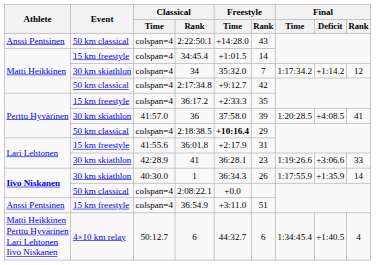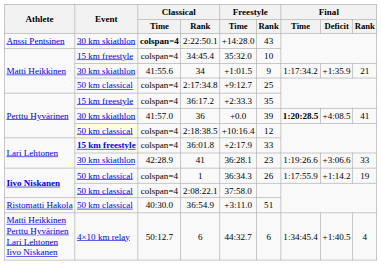 <table class="wikitable" style="font-size:90%">
 <tr>
 <th rowspan=2>Athlete</th>
 <th rowspan=2>Event</th>
 <th colspan=2>Classical</th>
 <th colspan=2>Freestyle</th>
 <th colspan=3>Final</th>
 </tr>
 <tr style="font-size: 95%">
 <th>Time</th>
 <th>Rank</th>
 <th>Time</th>
 <th>Rank</th>
 <th>Time</th>
 <th>Deficit</th>
 <th>Rank</th>
 </tr>
 <tr align=center>
 <td align=left><a href='#'>Anssi Pentsinen</a></td>
-<td align=left><a href='#'>50 km classical</a></td>
-<td>colspan=4 </td>
+<td align=left><a href='#'>30 km skiathlon</a></td>
+<td><strong>colspan=4 </strong></td>
 <td>2:22:50.1</td>
 <td>+14:28.0</td>
 <td>43</td>
 </tr>
 <tr align=center>
 <td align=left rowspan=3><a href='#'>Matti Heikkinen</a></td>
 <td align=left><a href='#'>15 km freestyle</a></td>
 <td>colspan=4 </td>
 <td>34:45.4</td>
-<td>+1:01.5</td>
-<td>14</td>
+<td>35:32.0</td>
+<td>10</td>
 </tr>
 <tr align=center>
 <td align=left><a href='#'>30 km skiathlon</a></td>
-<td>colspan=4 </td>
+<td>41:55.6</td>
 <td>34</td>
-<td>35:32.0</td>
-<td>7</td>
+<td>+1:01.5</td>
+<td>9</td>
 <td>1:17:34.2</td>
-<td>+1:14.2</td>
-<td>12</td>
+<td>+1:35.9</td>
+<td>21</td>
 </tr>
 <tr align=center>
 <td align=left><a href='#'>50 km classical</a></td>
 <td>colspan=4 </td>
 <td>2:17:34.8</td>
 <td>+9:12.7</td>
-<td>42</td>
+<td>25</td>
 </tr>
 <tr align=center>
 <td align=left rowspan=3><a href='#'>Perttu Hyvärinen</a></td>
 <td align=left><a href='#'>15 km freestyle</a></td>
 <td>colspan=4 </td>
 <td>36:17.2</td>
 <td>+2:33.3</td>
 <td>35</td>
 </tr>
 <tr align=center>
 <td align=left><a href='#'>30 km skiathlon</a></td>
 <td>41:57.0</td>
 <td>36</td>
-<td>37:58.0</td>
+<td>+0.0</td>
 <td>39</td>
-<td>1:20:28.5</td>
+<td><strong>1:20:28.5</strong></td>
 <td>+4:08.5</td>
 <td>41</td>
 </tr>
 <tr align=center>
-<td align=left><a href='#'>50 km classical</a></td>
+<td align=left style="background: lightyellow;"><a href='#'>50 km classical</a></td>
 <td>colspan=4 </td>
 <td>2:18:38.5</td>
-<td><strong>+10:16.4</strong></td>
-<td>29</td>
+<td>+10:16.4</td>
+<td>12</td>
 </tr>
 <tr align=center>
 <td align=left rowspan=2><a href='#'>Lari Lehtonen</a></td>
-<td align=left><a href='#'>15 km freestyle</a></td>
-<td>41:55.6</td>
+<td align=left><strong><a href='#'>15 km freestyle</a></strong></td>
+<td>colspan=4 </td>
 <td>36:01.8</td>
 <td>+2:17.9</td>
-<td>31</td>
+<td>33</td>
 </tr>
 <tr align=center>
 <td align=left><a href='#'>30 km skiathlon</a></td>
 <td>42:28.9</td>
 <td>41</td>
 <td>36:28.1</td>
 <td>23</td>
 <td>1:19:26.6</td>
 <td>+3:06.6</td>
 <td>33</td>
 </tr>
 <tr align=center>
 <td align=left rowspan=2><strong><a href='#'>Iivo Niskanen</a></strong></td>
-<td align=left><a href='#'>30 km skiathlon</a></td>
-<td>40:30.0</td>
+<td align=left><a href='#'>50 km classical</a></td>
+<td>colspan=4 </td>
 <td>1</td>
 <td>36:34.3</td>
 <td>26</td>
 <td>1:17:55.9</td>
-<td>+1:35.9</td>
-<td>14</td>
+<td>+1:14.2</td>
+<td>19</td>
 </tr>
 <tr align=center>
 <td align=left><a href='#'>50 km classical</a></td>
 <td>colspan=4 </td>
 <td>2:08:22.1</td>
-<td>+0.0</td>
+<td>37:58.0</td>
 <td></td>
 </tr>
 <tr align=center>
-<td align=left><a href='#'>Anssi Pentsinen</a></td>
-<td align=left><a href='#'>15 km freestyle</a></td>
-<td>colspan=4 </td>
+<td align=left><a href='#'>Ristomatti Hakola</a></td>
+<td align=left><a href='#'>50 km classical</a></td>
+<td>40:30.0</td>
 <td>36:54.9</td>
 <td>+3:11.0</td>
 <td>51</td>
 </tr>
 <tr align=center>
 <td align=left><a href='#'>Matti Heikkinen</a><br><a href='#'>Perttu Hyvärinen</a><br><a href='#'>Lari Lehtonen</a><br><a href='#'>Iivo Niskanen</a></td>
 <td align=left><a href='#'>4×10 km relay</a></td>
 <td>50:12.7</td>
 <td>6</td>
 <td>44:32.7</td>
 <td>6</td>
 <td>1:34:45.4</td>
 <td>+1:40.5</td>
 <td>4</td>
 </tr>
 </table>
